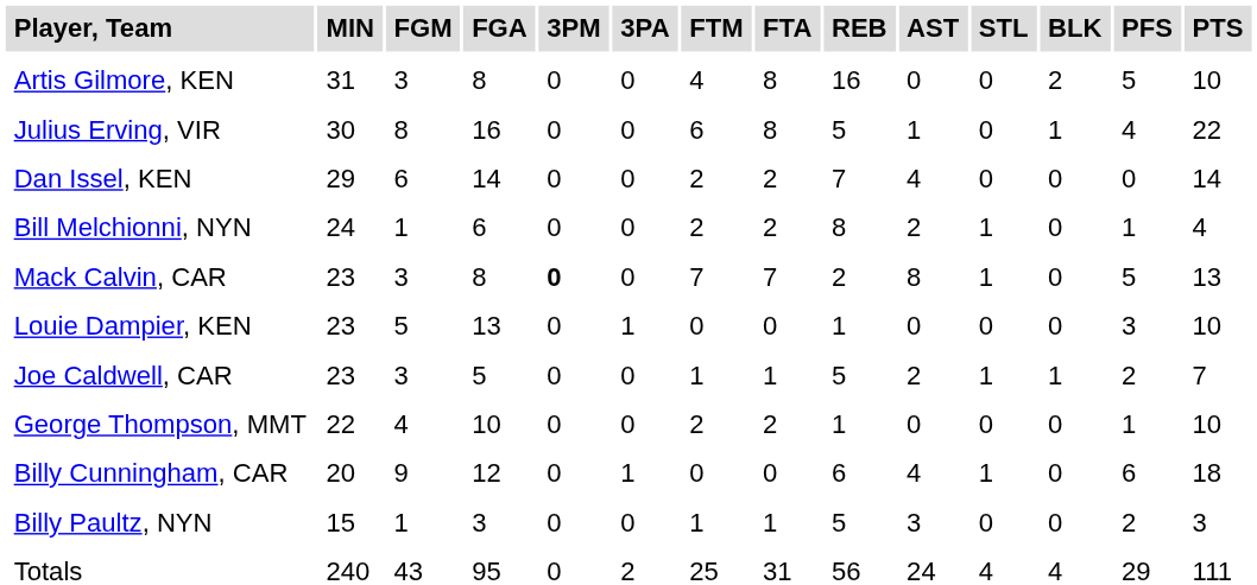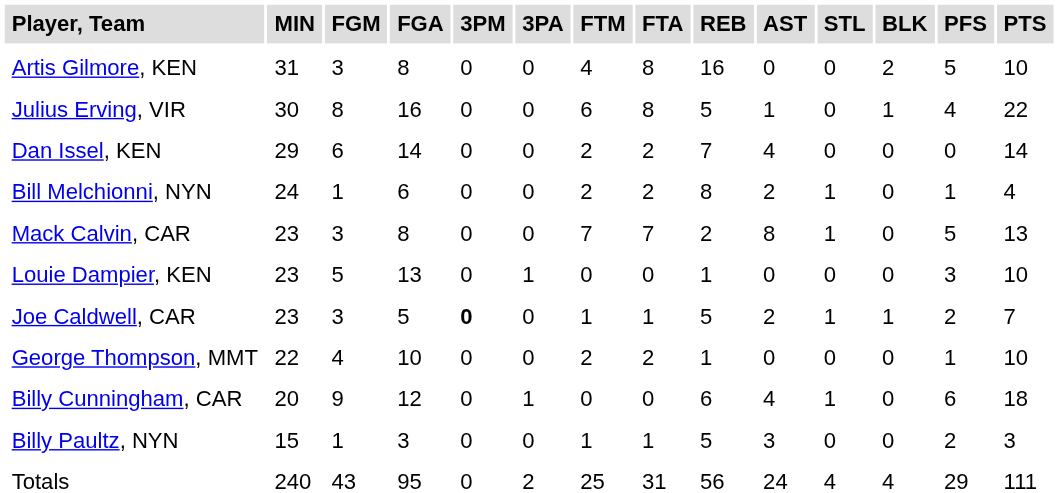 <table cellpadding=5>
 <tr bgcolor="#dddddd">
 <td><strong>Player, Team</strong></td>
 <td><strong>MIN</strong></td>
 <td><strong>FGM</strong></td>
 <td><strong>FGA</strong></td>
 <td><strong>3PM</strong></td>
 <td><strong>3PA</strong></td>
 <td><strong>FTM</strong></td>
 <td><strong>FTA</strong></td>
 <td><strong>REB</strong></td>
 <td><strong>AST</strong></td>
 <td><strong>STL</strong></td>
 <td><strong>BLK</strong></td>
 <td><strong>PFS</strong></td>
 <td><strong>PTS</strong></td>
 </tr>
 <tr bgcolor="#eeeeee">
 </tr>
 <tr>
 <td><a href='#'>Artis Gilmore</a>, KEN</td>
 <td>31</td>
 <td>3</td>
 <td>8</td>
 <td>0</td>
 <td>0</td>
 <td>4</td>
 <td>8</td>
 <td>16</td>
 <td>0</td>
 <td>0</td>
 <td>2</td>
 <td>5</td>
 <td>10</td>
 </tr>
 <tr>
 <td><a href='#'>Julius Erving</a>, VIR</td>
 <td>30</td>
 <td>8</td>
 <td>16</td>
 <td>0</td>
 <td>0</td>
 <td>6</td>
 <td>8</td>
 <td>5</td>
 <td>1</td>
 <td>0</td>
 <td>1</td>
 <td>4</td>
 <td>22</td>
 </tr>
 <tr>
 <td><a href='#'>Dan Issel</a>, KEN</td>
 <td>29</td>
 <td>6</td>
 <td>14</td>
 <td>0</td>
 <td>0</td>
 <td>2</td>
 <td>2</td>
 <td>7</td>
 <td>4</td>
 <td>0</td>
 <td>0</td>
 <td>0</td>
 <td>14</td>
 </tr>
 <tr>
 <td><a href='#'>Bill Melchionni</a>, NYN</td>
 <td>24</td>
 <td>1</td>
 <td>6</td>
 <td>0</td>
 <td>0</td>
 <td>2</td>
 <td>2</td>
 <td>8</td>
 <td>2</td>
 <td>1</td>
 <td>0</td>
 <td>1</td>
 <td>4</td>
 </tr>
 <tr>
 <td><a href='#'>Mack Calvin</a>, CAR</td>
 <td>23</td>
 <td>3</td>
 <td>8</td>
-<td><strong>0</strong></td>
+<td>0</td>
 <td>0</td>
 <td>7</td>
 <td>7</td>
 <td>2</td>
 <td>8</td>
 <td>1</td>
 <td>0</td>
 <td>5</td>
 <td>13</td>
 </tr>
 <tr>
 <td><a href='#'>Louie Dampier</a>, KEN</td>
 <td>23</td>
 <td>5</td>
 <td>13</td>
 <td>0</td>
 <td>1</td>
 <td>0</td>
 <td>0</td>
 <td>1</td>
 <td>0</td>
 <td>0</td>
 <td>0</td>
 <td>3</td>
 <td>10</td>
 </tr>
 <tr>
 <td><a href='#'>Joe Caldwell</a>, CAR</td>
 <td>23</td>
 <td>3</td>
 <td>5</td>
-<td>0</td>
+<td><strong>0</strong></td>
 <td>0</td>
 <td>1</td>
 <td>1</td>
 <td>5</td>
 <td>2</td>
 <td>1</td>
 <td>1</td>
 <td>2</td>
 <td>7</td>
 </tr>
 <tr>
 <td><a href='#'>George Thompson</a>, MMT</td>
 <td>22</td>
 <td>4</td>
 <td>10</td>
 <td>0</td>
 <td>0</td>
 <td>2</td>
 <td>2</td>
 <td>1</td>
 <td>0</td>
 <td>0</td>
 <td>0</td>
 <td>1</td>
 <td>10</td>
 </tr>
 <tr>
 <td><a href='#'>Billy Cunningham</a>, CAR</td>
 <td>20</td>
 <td>9</td>
 <td>12</td>
 <td>0</td>
 <td>1</td>
 <td>0</td>
 <td>0</td>
 <td>6</td>
 <td>4</td>
 <td>1</td>
 <td>0</td>
 <td>6</td>
 <td>18</td>
 </tr>
 <tr>
 <td><a href='#'>Billy Paultz</a>, NYN</td>
 <td>15</td>
 <td>1</td>
 <td>3</td>
 <td>0</td>
 <td>0</td>
 <td>1</td>
 <td>1</td>
 <td>5</td>
 <td>3</td>
 <td>0</td>
 <td>0</td>
 <td>2</td>
 <td>3</td>
 </tr>
 <tr>
 <td>Totals</td>
 <td>240</td>
 <td>43</td>
 <td>95</td>
 <td>0</td>
 <td>2</td>
 <td>25</td>
 <td>31</td>
 <td>56</td>
 <td>24</td>
 <td>4</td>
 <td>4</td>
 <td>29</td>
 <td>111</td>
 </tr>
 <tr>
 </tr>
 </table>
